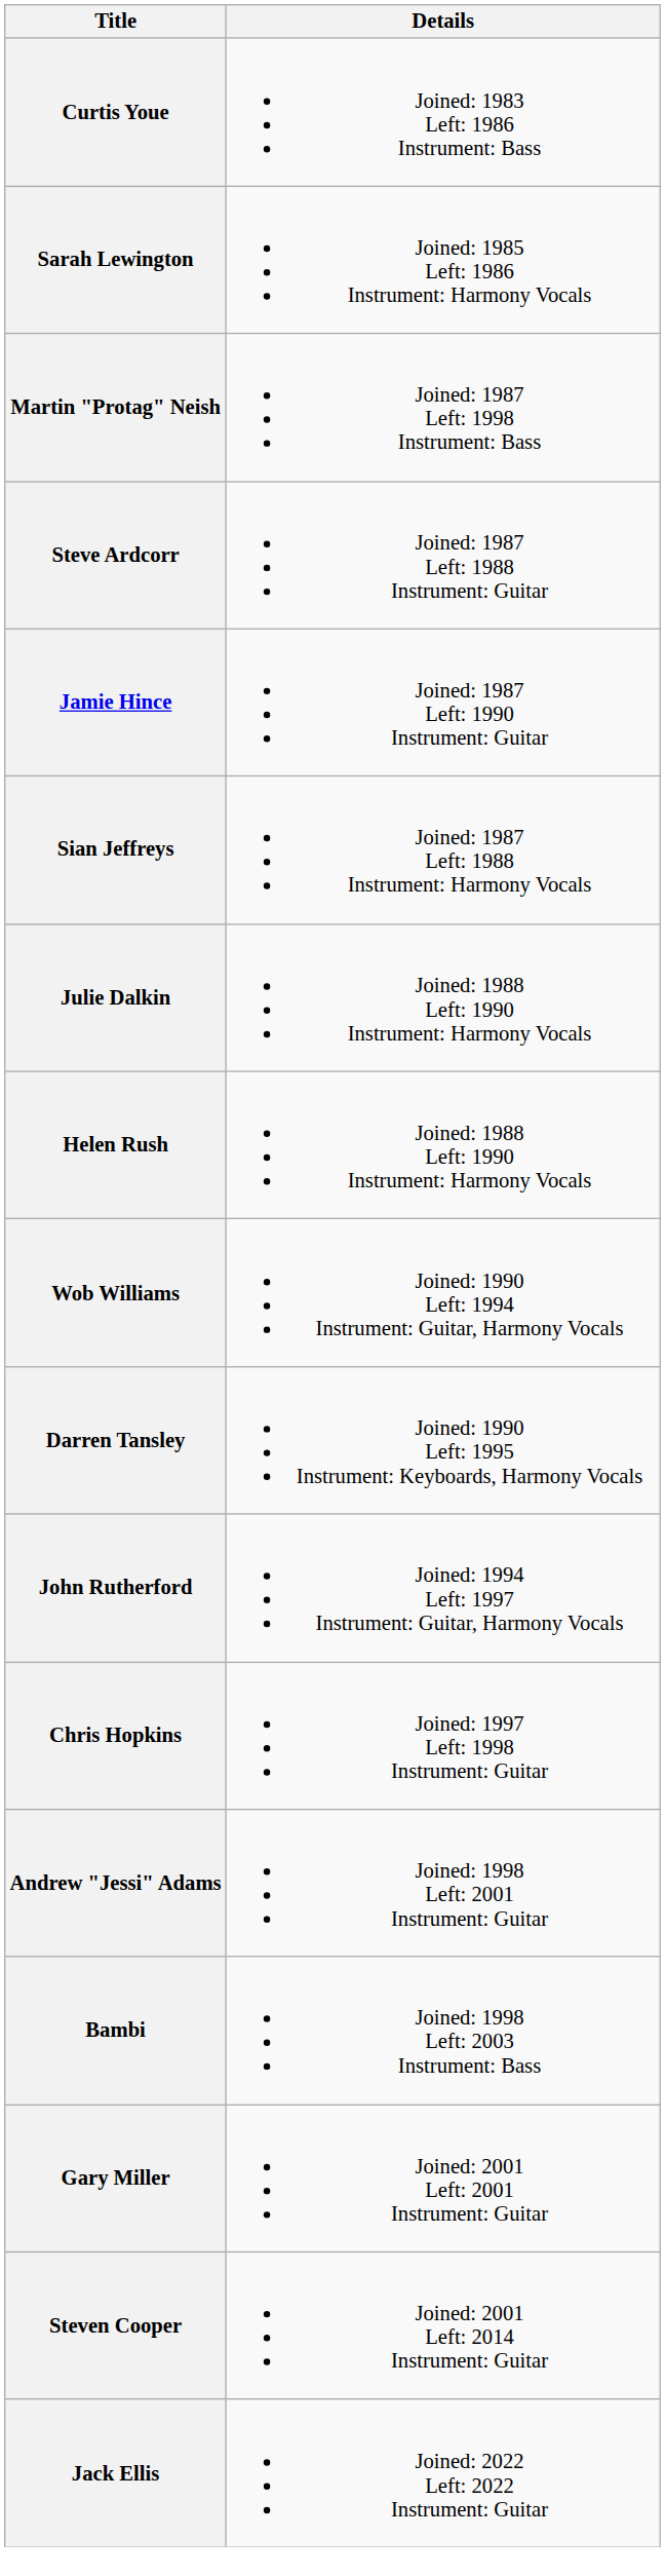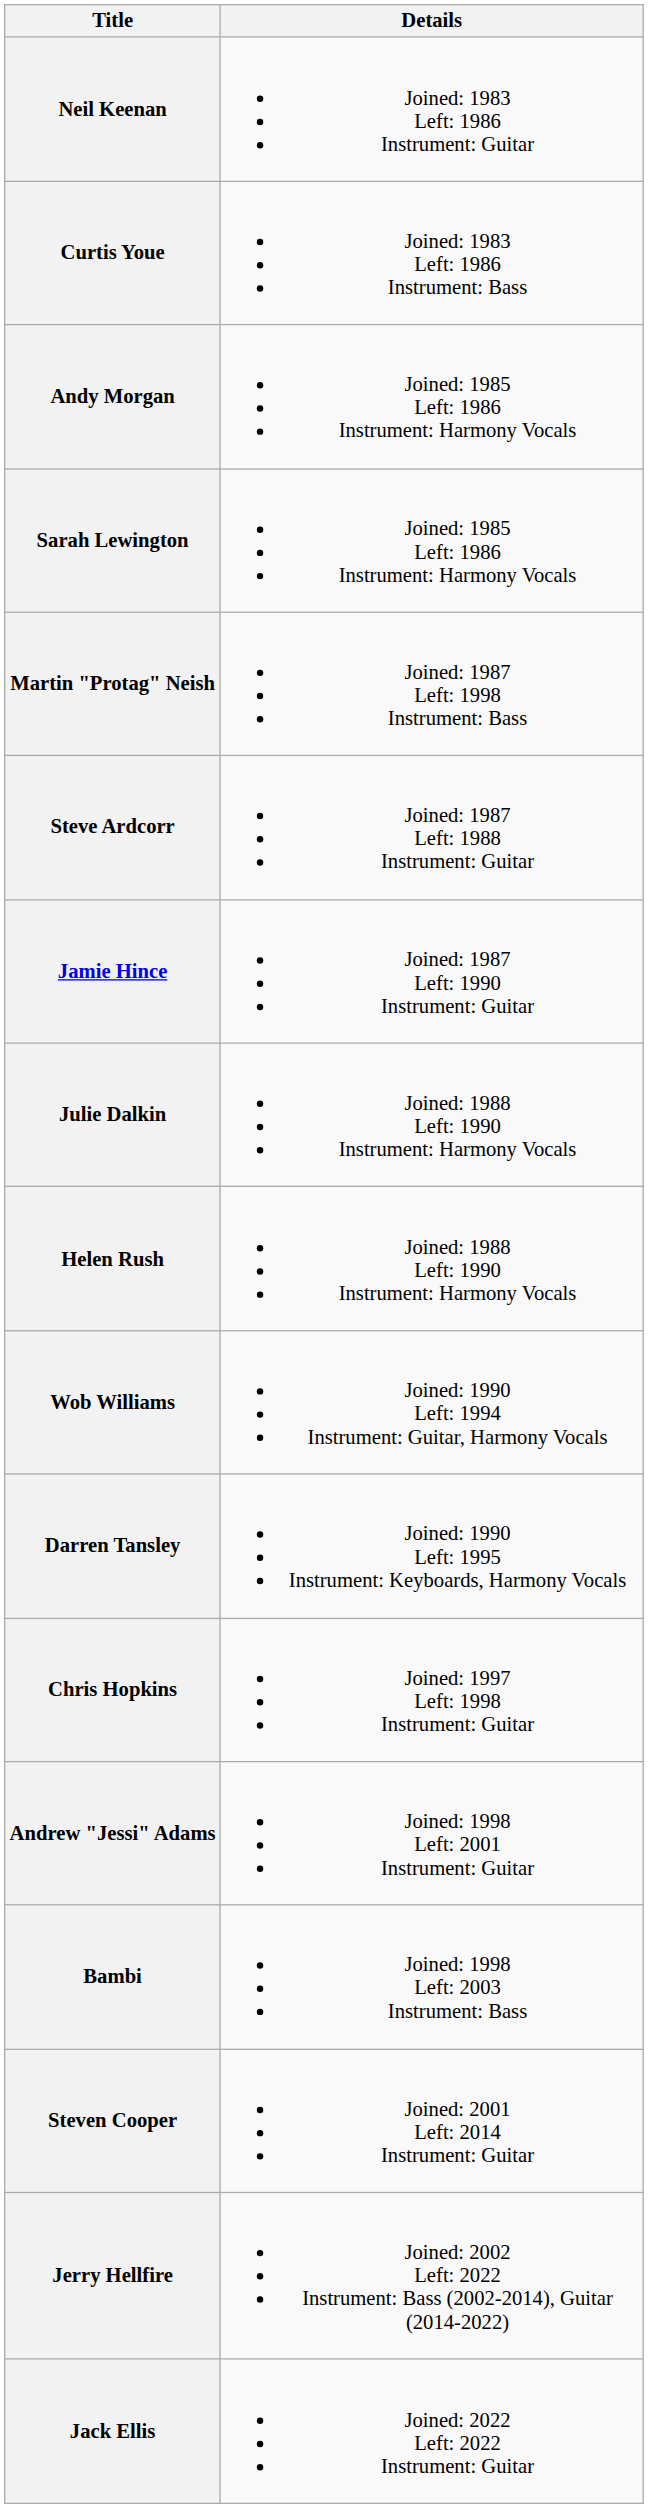 <table class="wikitable plainrowheaders" style="text-align:center;">
 <tr>
 <th scope="col" rowspan="1" style="width:10em;">Title</th>
 <th scope="col" rowspan="1" style="width:20em;">Details</th>
 </tr>
 <tr>
+<th scope="row">Neil Keenan</th>
+<td><br><ul><li>Joined: 1983</li><li>Left: 1986</li><li>Instrument: Guitar</li></ul></td>
+</tr>
+<tr>
 <th scope="row">Curtis Youe</th>
 <td><br><ul><li>Joined: 1983</li><li>Left: 1986</li><li>Instrument: Bass</li></ul></td>
+</tr>
+<tr>
+<th scope="row">Andy Morgan</th>
+<td><br><ul><li>Joined: 1985</li><li>Left: 1986</li><li>Instrument: Harmony Vocals</li></ul></td>
 </tr>
 <tr>
 <th scope="row">Sarah Lewington</th>
 <td><br><ul><li>Joined: 1985</li><li>Left: 1986</li><li>Instrument: Harmony Vocals</li></ul></td>
 </tr>
 <tr>
 <th scope="row">Martin "Protag" Neish</th>
 <td><br><ul><li>Joined: 1987</li><li>Left: 1998</li><li>Instrument: Bass</li></ul></td>
 </tr>
 <tr>
 <th scope="row">Steve Ardcorr</th>
 <td><br><ul><li>Joined: 1987</li><li>Left: 1988</li><li>Instrument: Guitar</li></ul></td>
 </tr>
 <tr>
 <th scope="row"><a href='#'>Jamie Hince</a></th>
 <td><br><ul><li>Joined: 1987</li><li>Left: 1990</li><li>Instrument: Guitar</li></ul></td>
 </tr>
 <tr>
-<th scope="row">Sian Jeffreys</th>
-<td><br><ul><li>Joined: 1987</li><li>Left: 1988</li><li>Instrument: Harmony Vocals</li></ul></td>
-</tr>
-<tr>
 <th scope="row">Julie Dalkin</th>
 <td><br><ul><li>Joined: 1988</li><li>Left: 1990</li><li>Instrument: Harmony Vocals</li></ul></td>
 </tr>
 <tr>
 <th scope="row">Helen Rush</th>
 <td><br><ul><li>Joined: 1988</li><li>Left: 1990</li><li>Instrument: Harmony Vocals</li></ul></td>
 </tr>
 <tr>
 <th scope="row">Wob Williams</th>
 <td><br><ul><li>Joined: 1990</li><li>Left: 1994</li><li>Instrument: Guitar, Harmony Vocals</li></ul></td>
 </tr>
 <tr>
 <th scope="row">Darren Tansley</th>
 <td><br><ul><li>Joined: 1990</li><li>Left: 1995</li><li>Instrument: Keyboards, Harmony Vocals</li></ul></td>
 </tr>
 <tr>
-<th scope="row">John Rutherford</th>
-<td><br><ul><li>Joined: 1994</li><li>Left: 1997</li><li>Instrument: Guitar, Harmony Vocals</li></ul></td>
-</tr>
-<tr>
 <th scope="row">Chris Hopkins</th>
 <td><br><ul><li>Joined: 1997</li><li>Left: 1998</li><li>Instrument: Guitar</li></ul></td>
 </tr>
 <tr>
 <th scope="row">Andrew "Jessi" Adams</th>
 <td><br><ul><li>Joined: 1998</li><li>Left: 2001</li><li>Instrument: Guitar</li></ul></td>
 </tr>
 <tr>
 <th scope="row">Bambi</th>
 <td><br><ul><li>Joined: 1998</li><li>Left: 2003</li><li>Instrument: Bass</li></ul></td>
 </tr>
 <tr>
-<th scope="row">Gary Miller</th>
-<td><br><ul><li>Joined: 2001</li><li>Left: 2001</li><li>Instrument: Guitar</li></ul></td>
+<th scope="row">Steven Cooper</th>
+<td><br><ul><li>Joined: 2001</li><li>Left: 2014</li><li>Instrument: Guitar</li></ul></td>
 </tr>
 <tr>
-<th scope="row">Steven Cooper</th>
-<td><br><ul><li>Joined: 2001</li><li>Left: 2014</li><li>Instrument: Guitar</li></ul></td>
+<th scope="row">Jerry Hellfire</th>
+<td><br><ul><li>Joined: 2002</li><li>Left: 2022</li><li>Instrument: Bass (2002-2014), Guitar (2014-2022)</li></ul></td>
 </tr>
 <tr>
 <th scope="row">Jack Ellis</th>
 <td><br><ul><li>Joined: 2022</li><li>Left: 2022</li><li>Instrument: Guitar</li></ul></td>
 </tr>
 </table>
